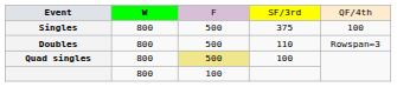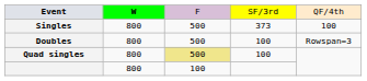 <table class="wikitable nowrap" style="font-size:90%; text-align:center">
 <tr>
 <th style="width:130px; background:#dfe2e9;">Event</th>
 <th style="width:80px; background:lime;">W</th>
 <td style="width:85px; background:thistle;">F</td>
 <td style="width:85px; background:#ff0;">SF/3rd</td>
 <td style="width:85px; background:#ffebcd;">QF/4th</td>
 </tr>
 <tr>
 <th style="background:#f3f3f3;">Singles</th>
 <td>800</td>
 <td>500</td>
-<td>375</td>
+<td>373</td>
 <td>100</td>
 </tr>
 <tr>
 <th style="background:#f3f3f3;">Doubles</th>
 <td>800</td>
 <td>500</td>
-<td>110</td>
+<td>100</td>
 <td>Rowspan=3 </td>
 </tr>
 <tr>
 <th style="background:#f3f3f3;">Quad singles</th>
 <td>800</td>
 <td style="background: khaki;">500</td>
 <td>100</td>
 </tr>
 <tr>
 <th style="background:#f3f3f3;"></th>
 <td>800</td>
 <td>100</td>
 <td></td>
 </tr>
 </table>
